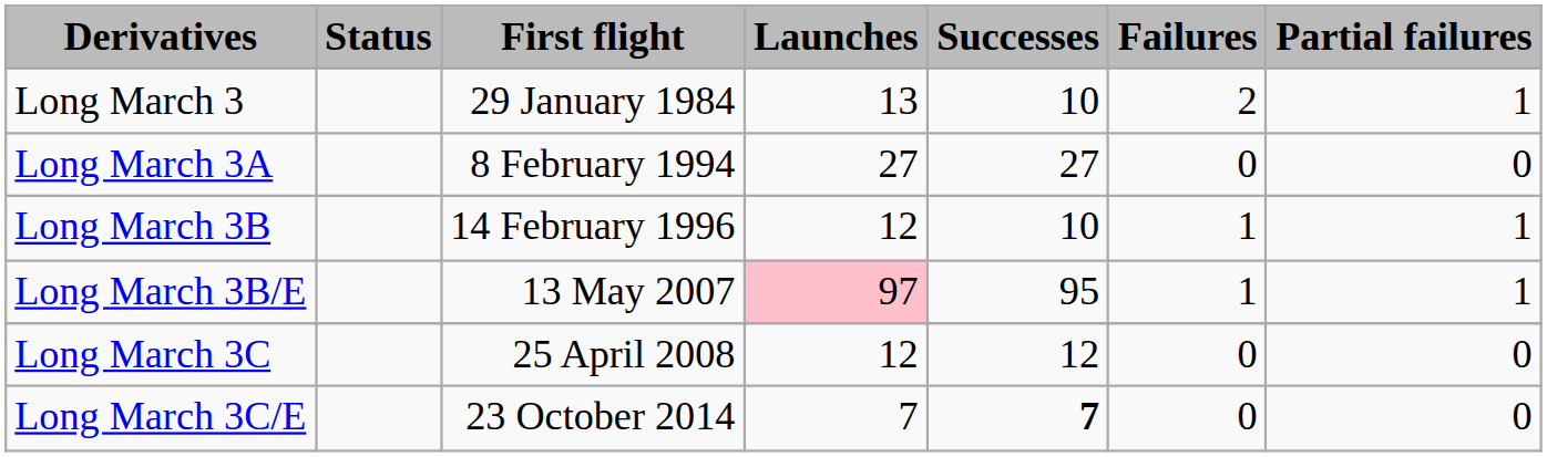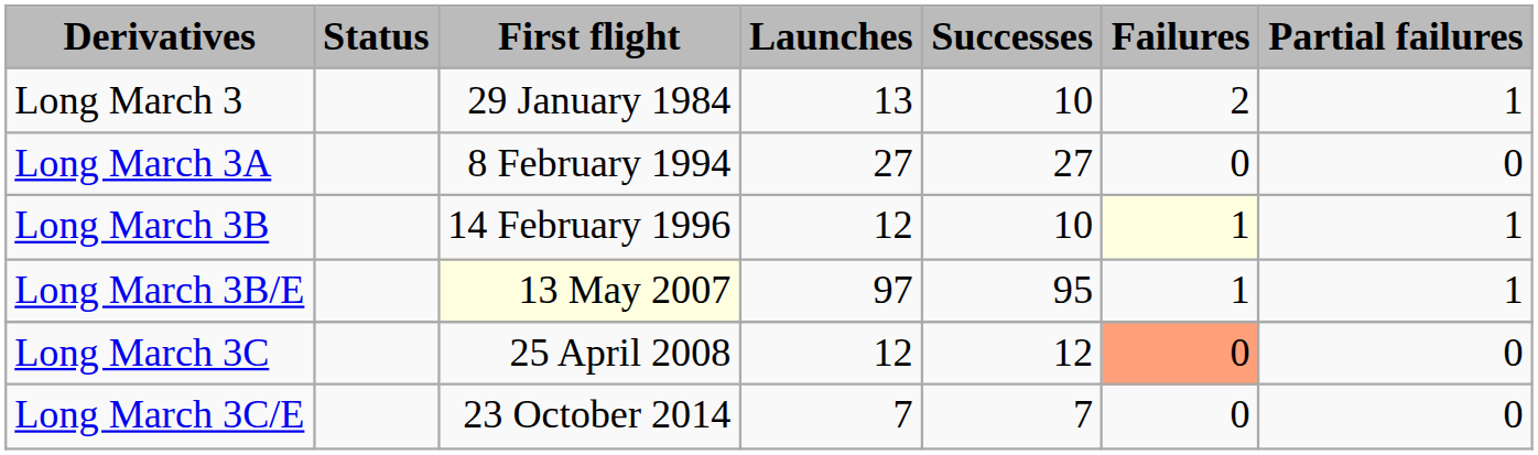 <table class="wikitable" style="margin: 1em auto 1em auto; text-align:right;">
 <tr>
 <td style="text-align:center; background:#BBB"><strong>Derivatives</strong></td>
 <td style="text-align:center; background:#BBB"><strong>Status</strong></td>
 <td style="text-align:center; background:#BBB"><strong>First flight</strong></td>
 <td style="text-align:center; background:#BBB"><strong>Launches</strong></td>
 <td style="text-align:center; background:#BBB"><strong>Successes</strong></td>
 <td style="text-align:center; background:#BBB"><strong>Failures</strong></td>
 <td style="text-align:center; background:#BBB"><strong>Partial failures</strong></td>
 </tr>
 <tr>
 <td style="text-align:left;">Long March 3</td>
 <td></td>
 <td>29 January 1984</td>
 <td>13</td>
 <td>10</td>
 <td>2</td>
 <td>1</td>
 </tr>
 <tr>
 <td style="text-align:left;"><a href='#'>Long March 3A</a></td>
 <td></td>
 <td>8 February 1994</td>
 <td>27</td>
 <td>27</td>
 <td>0</td>
 <td>0</td>
 </tr>
 <tr>
 <td style="text-align:left;"><a href='#'>Long March 3B</a></td>
 <td></td>
 <td>14 February 1996</td>
 <td>12</td>
 <td>10</td>
-<td>1</td>
+<td style="background: lightyellow;">1</td>
 <td>1</td>
 </tr>
 <tr>
 <td style="text-align:left;"><a href='#'>Long March 3B/E</a></td>
 <td></td>
-<td>13 May 2007</td>
-<td style="background: pink;">97</td>
+<td style="background: lightyellow;">13 May 2007</td>
+<td>97</td>
 <td>95</td>
 <td>1</td>
 <td>1</td>
 </tr>
 <tr>
 </tr>
 <tr>
 <td style="text-align:left;"><a href='#'>Long March 3C</a></td>
 <td></td>
 <td>25 April 2008</td>
 <td>12</td>
 <td>12</td>
-<td>0</td>
+<td style="background: lightsalmon;">0</td>
 <td>0</td>
 </tr>
 <tr>
 <td style="text-align:left;"><a href='#'>Long March 3C/E</a></td>
 <td></td>
 <td>23 October 2014</td>
 <td>7</td>
-<td><strong>7</strong></td>
+<td>7</td>
 <td>0</td>
 <td>0</td>
 </tr>
 </table>
